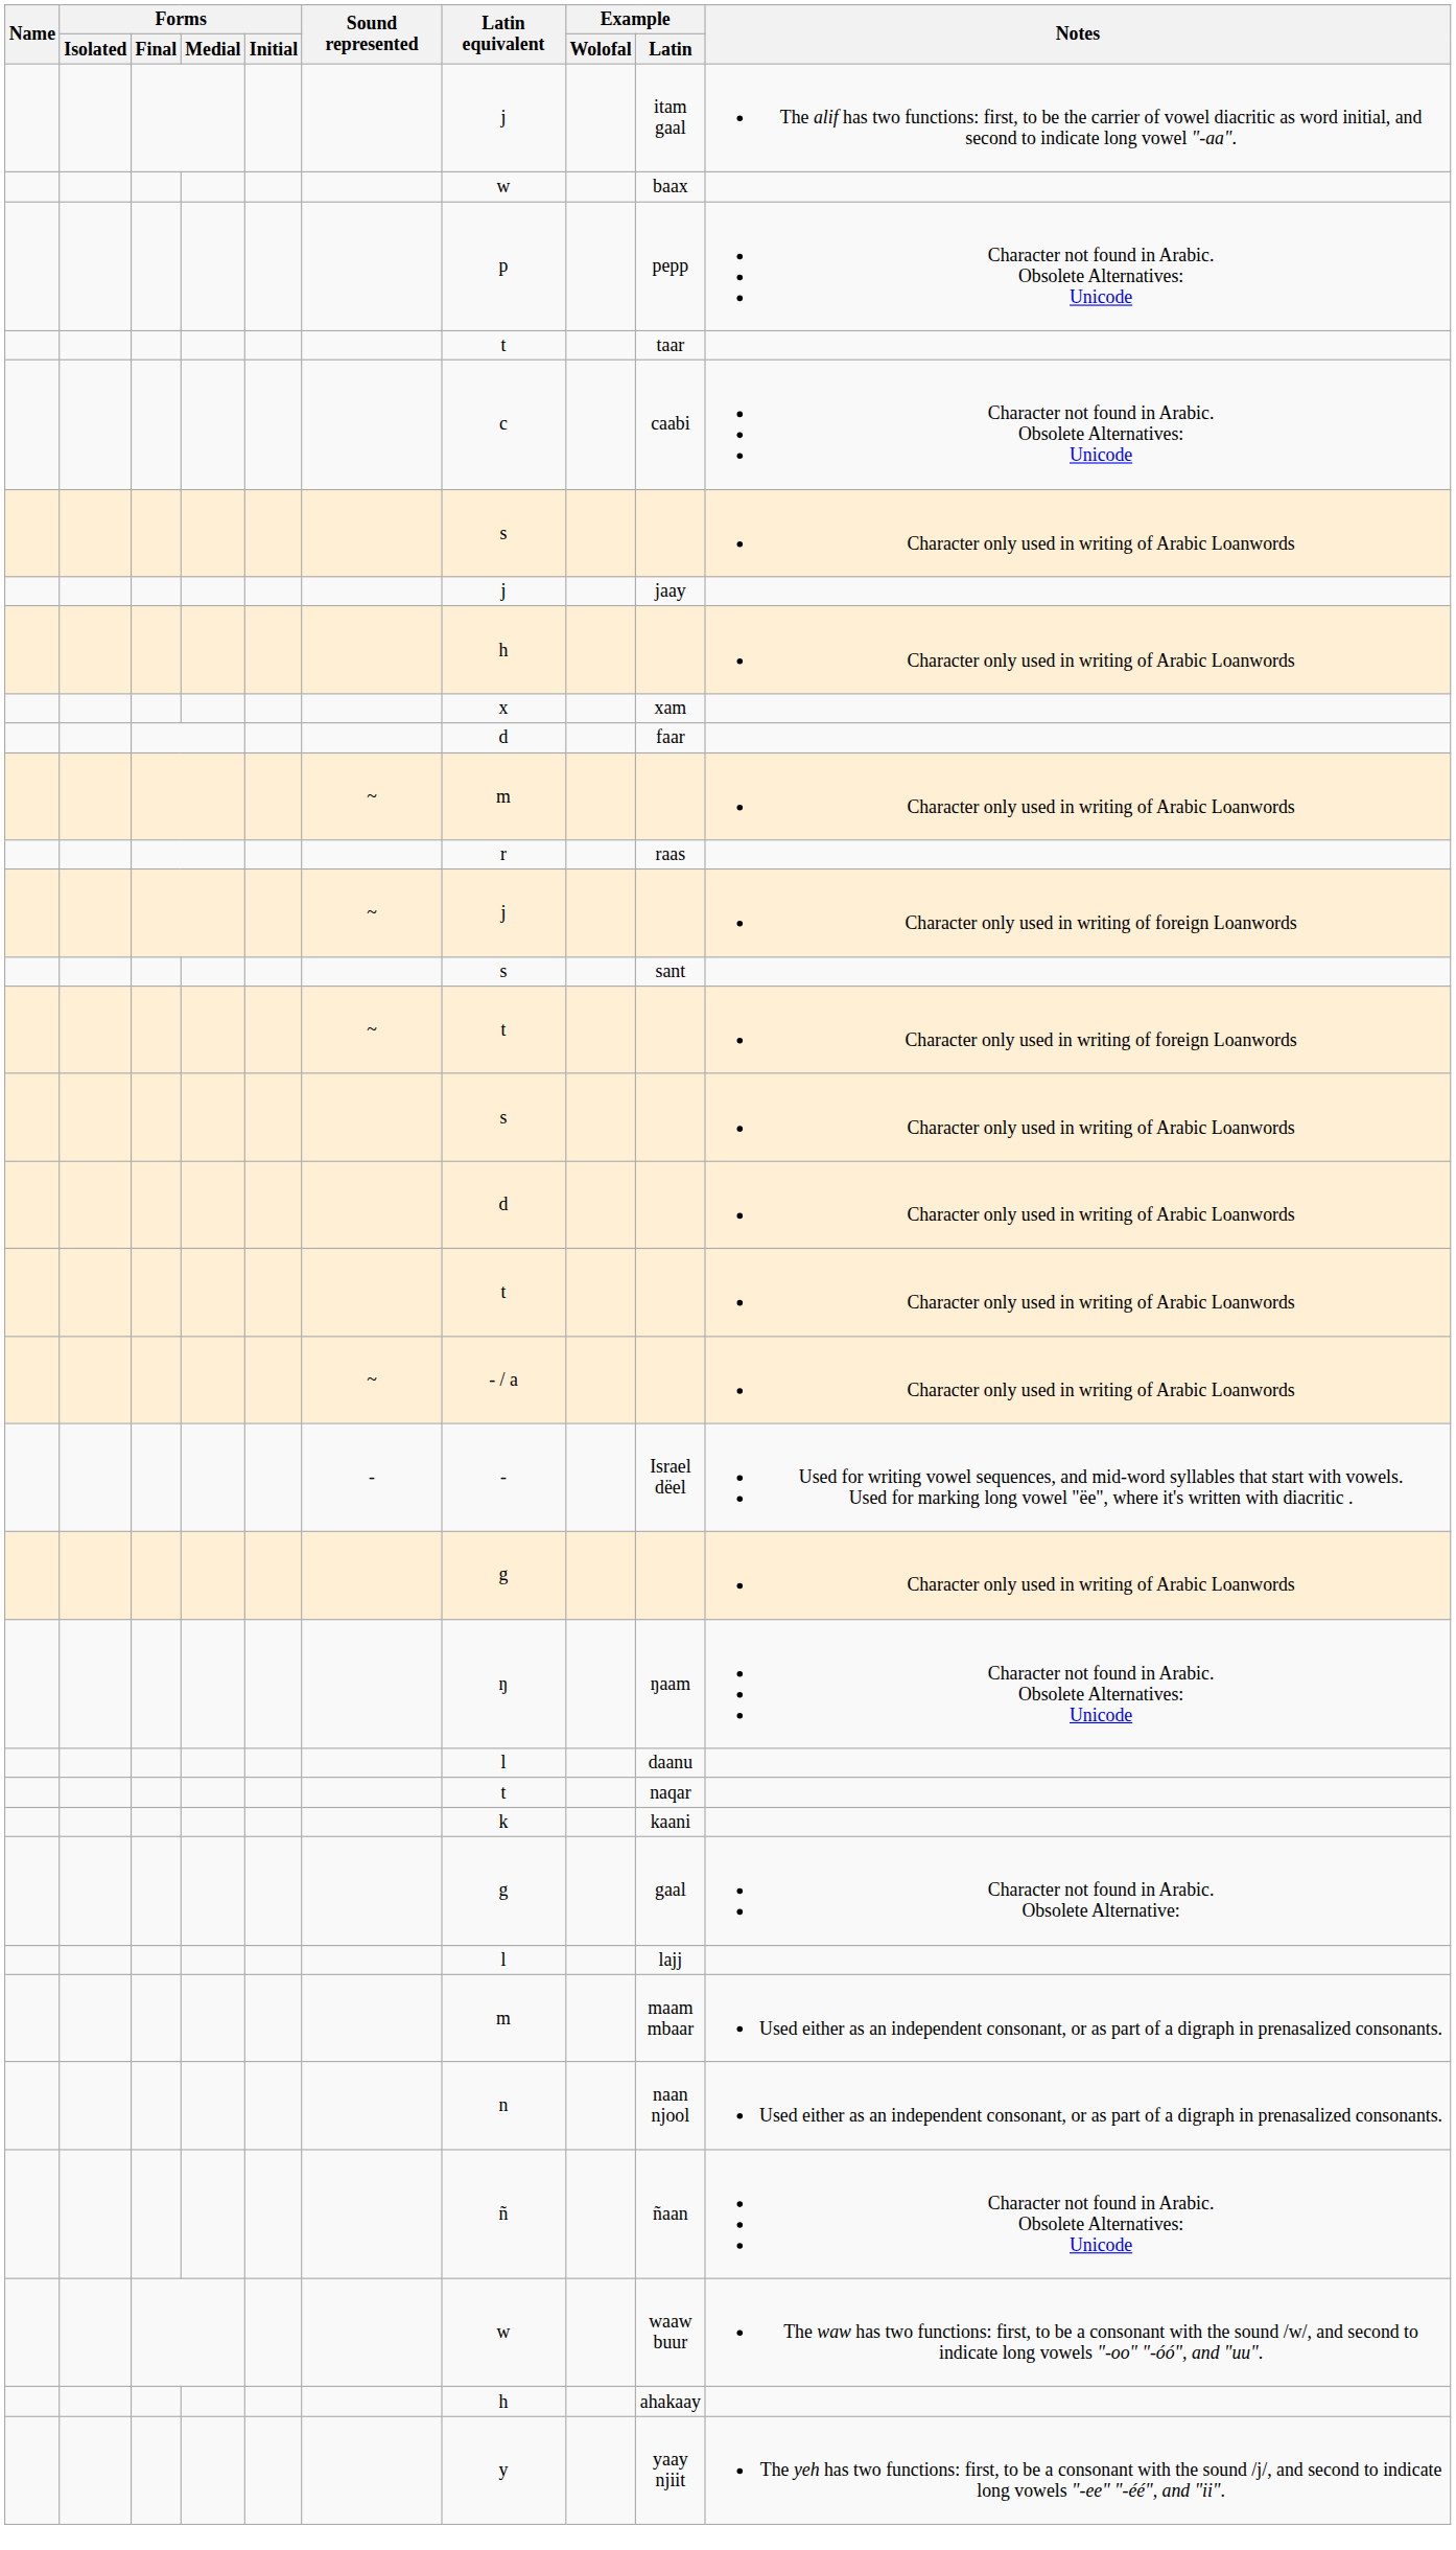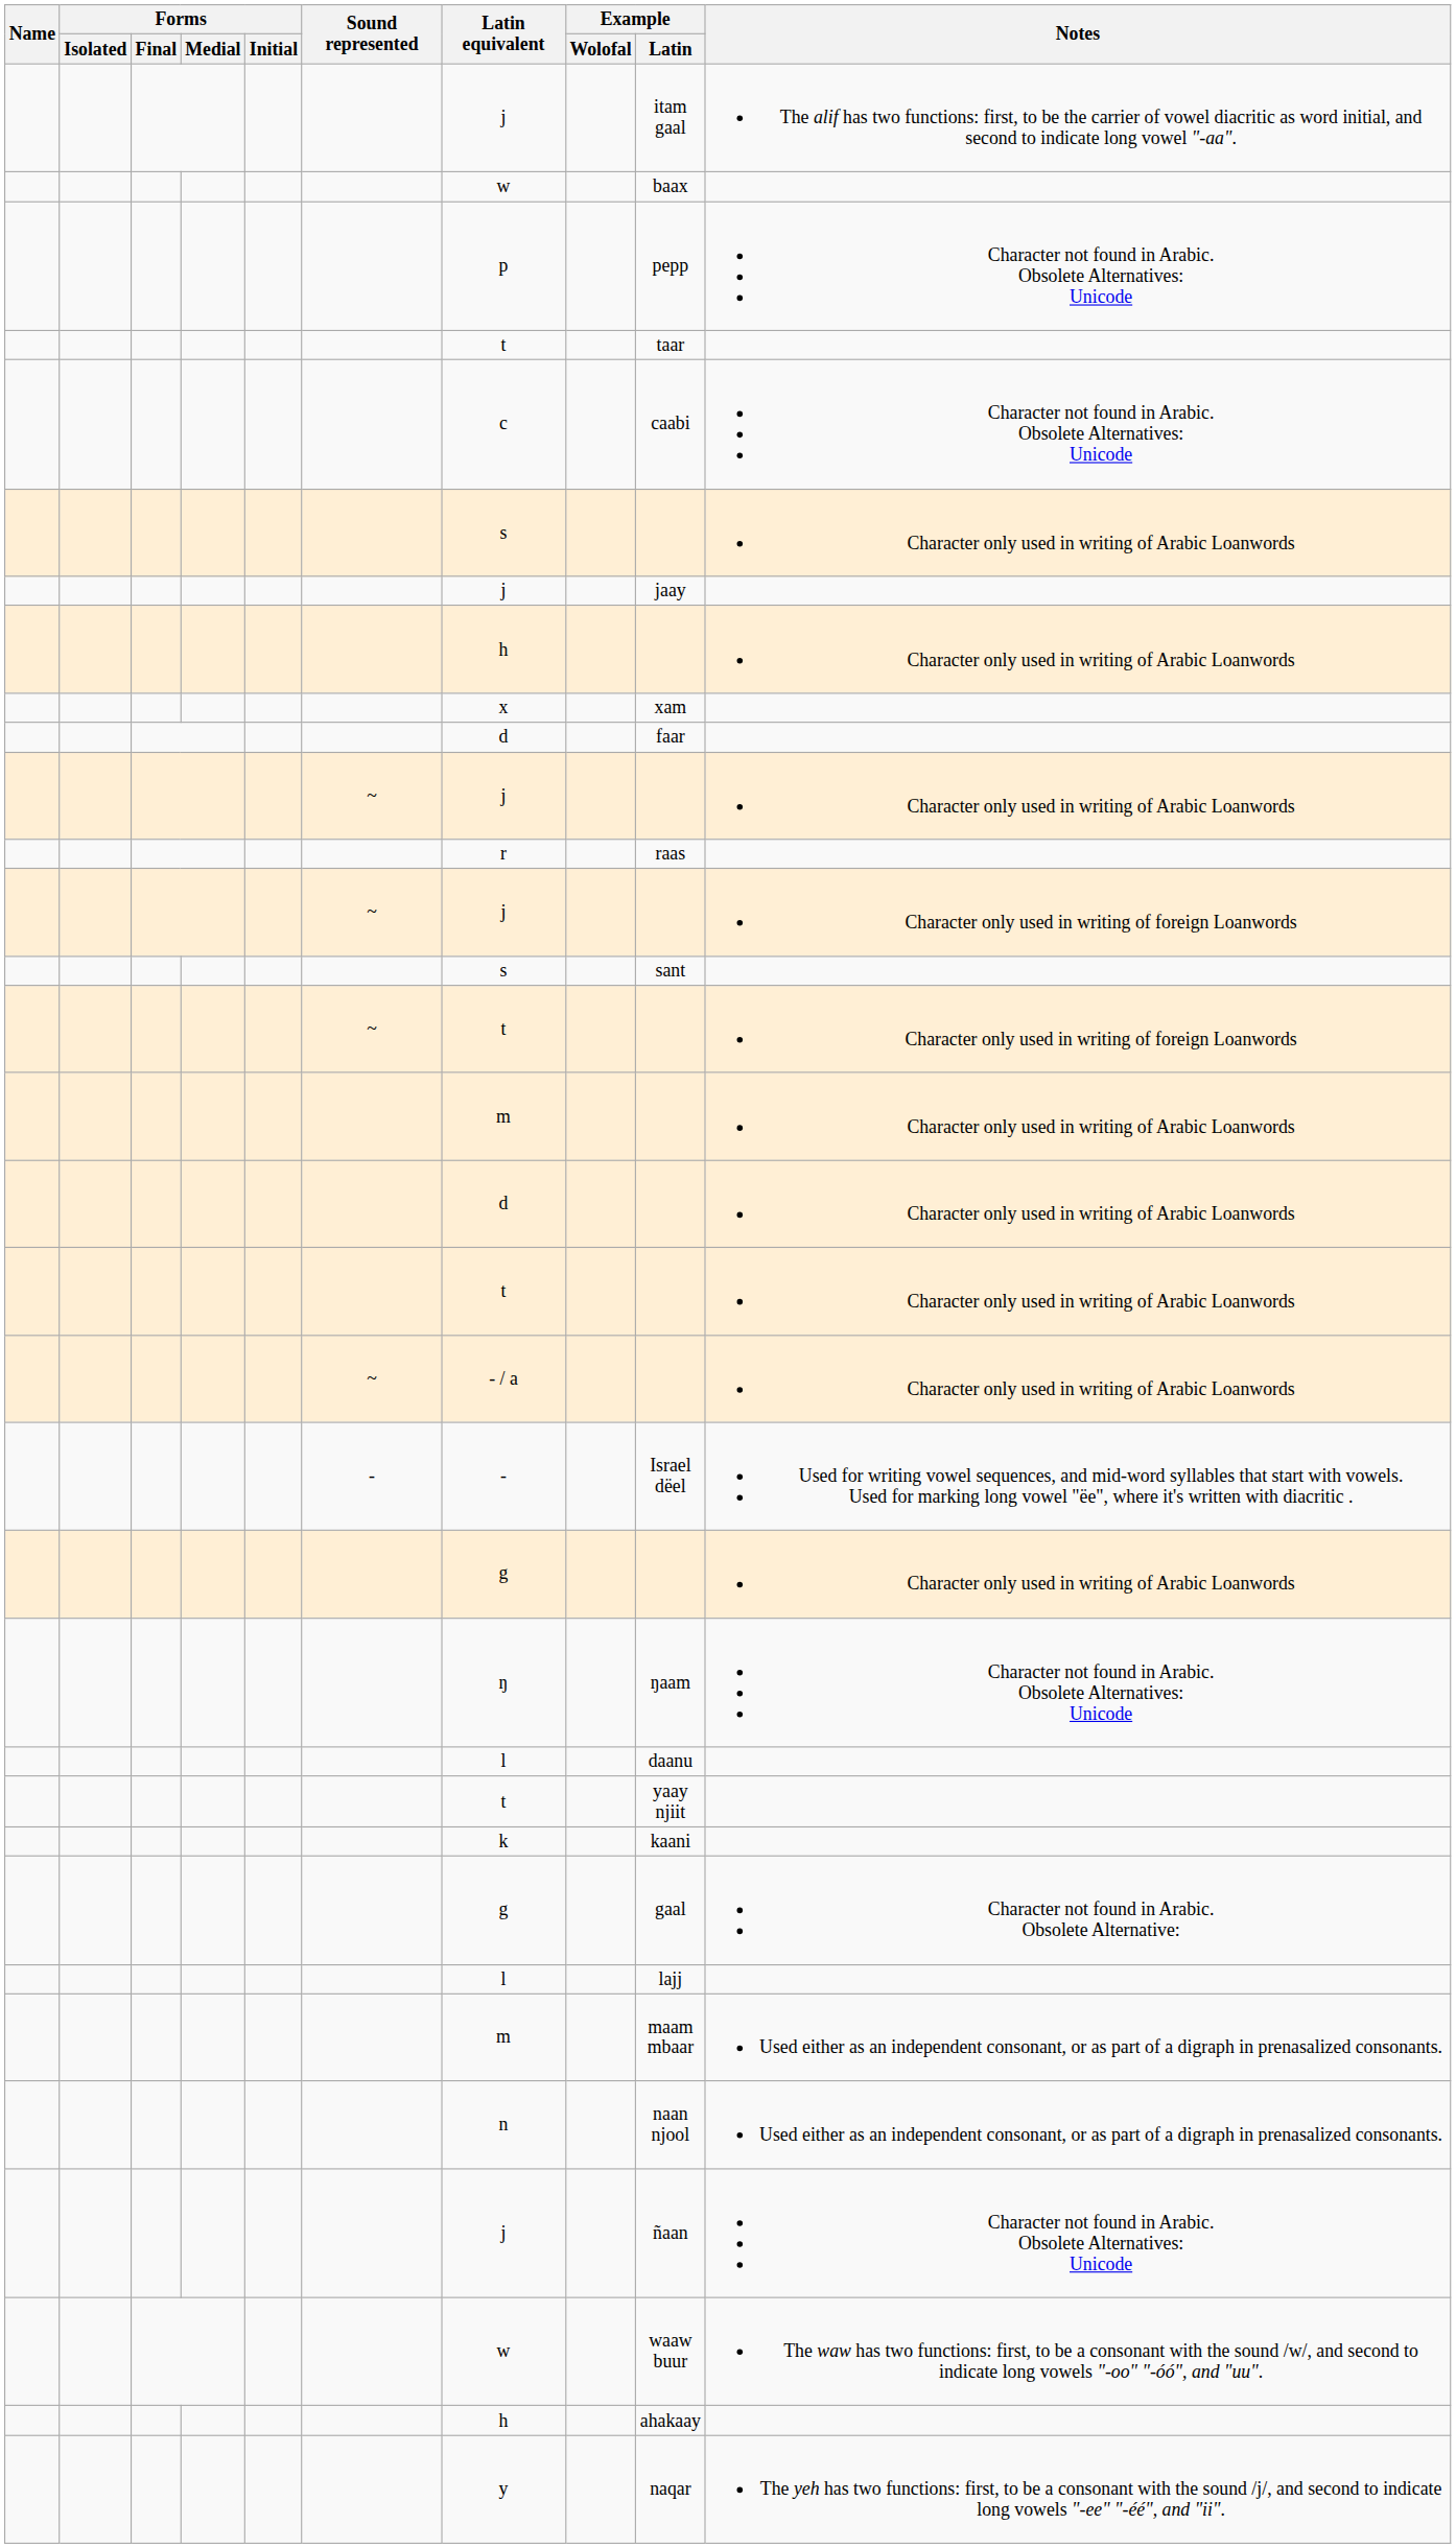 <table class="wikitable" style="text-align: center;">
 <tr>
 <th rowspan="2">Name</th>
 <th colspan="4">Forms</th>
 <th rowspan="2">Sound represented</th>
 <th rowspan="2">Latin equivalent</th>
 <th colspan="2">Example</th>
 <th rowspan="2">Notes</th>
 </tr>
 <tr>
 <th>Isolated</th>
 <th>Final</th>
 <th>Medial</th>
 <th>Initial</th>
 <th>Wolofal</th>
 <th>Latin</th>
 </tr>
 <tr>
 <td><br></td>
 <td><span></span></td>
 <td colspan=2><span></span></td>
 <td><span></span></td>
 <td></td>
 <td>j</td>
 <td><span></span><br><span></span></td>
 <td>itam<br>gaal</td>
 <td><br><ul><li>The <em>alif</em> has two functions: first, to be the carrier of vowel diacritic as word initial, and second to indicate long vowel <em>"-aa"</em>.</li></ul></td>
 </tr>
 <tr>
 <td><br></td>
 <td><span></span></td>
 <td><span></span></td>
 <td><span></span></td>
 <td><span></span></td>
 <td></td>
 <td>w</td>
 <td><span></span></td>
 <td>baax</td>
 <td></td>
 </tr>
 <tr>
 <td><br></td>
 <td><span></span></td>
 <td><span></span></td>
 <td><span></span></td>
 <td><span></span></td>
 <td></td>
 <td>p</td>
 <td><span></span></td>
 <td>pepp</td>
 <td><br><ul><li>Character not found in Arabic.</li><li>Obsolete Alternatives: <span></span></li><li><a href='#'>Unicode</a> </li></ul></td>
 </tr>
 <tr>
 <td><br></td>
 <td><span></span></td>
 <td><span></span></td>
 <td><span></span></td>
 <td><span></span></td>
 <td></td>
 <td>t</td>
 <td><span></span></td>
 <td>taar</td>
 <td></td>
 </tr>
 <tr>
 <td><br></td>
 <td><span></span></td>
 <td><span></span></td>
 <td><span></span></td>
 <td><span></span></td>
 <td></td>
 <td>c</td>
 <td><span></span></td>
 <td>caabi</td>
 <td><br><ul><li>Character not found in Arabic.</li><li>Obsolete Alternatives: <span></span></li><li><a href='#'>Unicode</a> </li></ul></td>
 </tr>
 <tr bgcolor="#FFEFD5">
 <td><br></td>
 <td><span></span></td>
 <td><span></span></td>
 <td><span></span></td>
 <td><span></span></td>
 <td></td>
 <td>s</td>
 <td></td>
 <td></td>
 <td><br><ul><li>Character only used in writing of Arabic Loanwords</li></ul></td>
 </tr>
 <tr>
 <td><br></td>
 <td><span></span></td>
 <td><span></span></td>
 <td><span></span></td>
 <td><span></span></td>
 <td></td>
 <td>j</td>
 <td><span></span></td>
 <td>jaay</td>
 <td></td>
 </tr>
 <tr bgcolor="#FFEFD5">
 <td><br></td>
 <td><span></span></td>
 <td><span></span></td>
 <td><span></span></td>
 <td><span></span></td>
 <td></td>
 <td>h</td>
 <td></td>
 <td></td>
 <td><br><ul><li>Character only used in writing of Arabic Loanwords</li></ul></td>
 </tr>
 <tr>
 <td><br></td>
 <td><span></span></td>
 <td><span></span></td>
 <td><span></span></td>
 <td><span></span></td>
 <td></td>
 <td>x</td>
 <td><span></span></td>
 <td>xam</td>
 <td></td>
 </tr>
 <tr>
 <td><br></td>
 <td><span></span></td>
 <td colspan=2><span></span></td>
 <td><span></span></td>
 <td></td>
 <td>d</td>
 <td><span></span></td>
 <td>faar</td>
 <td></td>
 </tr>
 <tr bgcolor="#FFEFD5">
 <td><br></td>
 <td><span></span></td>
 <td colspan=2><span></span></td>
 <td><span></span></td>
 <td>~</td>
-<td>m</td>
+<td>j</td>
 <td></td>
 <td></td>
 <td><br><ul><li>Character only used in writing of Arabic Loanwords</li></ul></td>
 </tr>
 <tr>
 <td><br></td>
 <td><span></span></td>
 <td colspan=2><span></span></td>
 <td><span></span></td>
 <td></td>
 <td>r</td>
 <td><span></span></td>
 <td>raas</td>
 <td></td>
 </tr>
 <tr bgcolor="#FFEFD5">
 <td><br></td>
 <td><span></span></td>
 <td colspan=2><span></span></td>
 <td><span></span></td>
 <td>~</td>
 <td>j</td>
 <td></td>
 <td></td>
 <td><br><ul><li>Character only used in writing of foreign Loanwords</li></ul></td>
 </tr>
 <tr>
 <td><br></td>
 <td><span></span></td>
 <td><span></span></td>
 <td><span></span></td>
 <td><span></span></td>
 <td></td>
 <td>s</td>
 <td><span></span></td>
 <td>sant</td>
 <td></td>
 </tr>
 <tr bgcolor="#FFEFD5">
 <td><br></td>
 <td><span></span></td>
 <td><span></span></td>
 <td><span></span></td>
 <td><span></span></td>
 <td>~</td>
 <td>t</td>
 <td></td>
 <td></td>
 <td><br><ul><li>Character only used in writing of foreign Loanwords</li></ul></td>
 </tr>
 <tr bgcolor="#FFEFD5">
 <td><br></td>
 <td><span></span></td>
 <td><span></span></td>
 <td><span></span></td>
 <td><span></span></td>
 <td></td>
-<td>s</td>
+<td>m</td>
 <td></td>
 <td></td>
 <td><br><ul><li>Character only used in writing of Arabic Loanwords</li></ul></td>
 </tr>
 <tr bgcolor="#FFEFD5">
 <td><br></td>
 <td><span></span></td>
 <td><span></span></td>
 <td><span></span></td>
 <td><span></span></td>
 <td></td>
 <td>d</td>
 <td></td>
 <td></td>
 <td><br><ul><li>Character only used in writing of Arabic Loanwords</li></ul></td>
 </tr>
 <tr bgcolor="#FFEFD5">
 <td><br></td>
 <td><span></span></td>
 <td><span></span></td>
 <td><span></span></td>
 <td><span></span></td>
 <td></td>
 <td>t</td>
 <td></td>
 <td></td>
 <td><br><ul><li>Character only used in writing of Arabic Loanwords</li></ul></td>
 </tr>
 <tr bgcolor="#FFEFD5">
 <td><br></td>
 <td><span></span></td>
 <td><span></span></td>
 <td><span></span></td>
 <td><span></span></td>
 <td>~</td>
 <td>- / a</td>
 <td></td>
 <td></td>
 <td><br><ul><li>Character only used in writing of Arabic Loanwords</li></ul></td>
 </tr>
 <tr>
 <td><br></td>
 <td><span></span></td>
 <td><span></span></td>
 <td><span></span></td>
 <td><span></span></td>
 <td>-</td>
 <td>-</td>
 <td><span></span><br><span></span></td>
 <td>Israel<br>dëel</td>
 <td>‌<br><ul><li>Used for writing vowel sequences, and mid-word syllables that start with vowels.</li><li>Used for marking long vowel "ëe", where it's written with diacritic <span></span>.</li></ul></td>
 </tr>
 <tr bgcolor="#FFEFD5">
 <td><br></td>
 <td><span></span></td>
 <td><span></span></td>
 <td><span></span></td>
 <td><span></span></td>
 <td></td>
 <td>g</td>
 <td></td>
 <td></td>
 <td><br><ul><li>Character only used in writing of Arabic Loanwords</li></ul></td>
 </tr>
 <tr>
 <td><br></td>
 <td><span></span></td>
 <td><span></span></td>
 <td><span></span></td>
 <td><span></span></td>
 <td></td>
 <td>ŋ</td>
 <td><span></span></td>
 <td>ŋaam</td>
 <td><br><ul><li>Character not found in Arabic.</li><li>Obsolete Alternatives: <span></span></li><li><a href='#'>Unicode</a> </li></ul></td>
 </tr>
 <tr>
 <td><br></td>
 <td><span></span></td>
 <td><span></span></td>
 <td><span></span></td>
 <td><span></span></td>
 <td></td>
 <td>l</td>
 <td><span></span></td>
 <td>daanu</td>
 <td></td>
 </tr>
 <tr>
 <td><br></td>
 <td><span></span></td>
 <td><span></span></td>
 <td><span></span></td>
 <td><span></span></td>
 <td></td>
 <td>t</td>
 <td><span></span></td>
-<td>naqar</td>
+<td>yaay<br>njiit</td>
 <td></td>
 </tr>
 <tr>
 <td><br></td>
 <td><span></span></td>
 <td><span></span></td>
 <td><span></span></td>
 <td><span></span></td>
 <td></td>
 <td>k</td>
 <td><span></span></td>
 <td>kaani</td>
 <td></td>
 </tr>
 <tr>
 <td><br></td>
 <td><span></span></td>
 <td><span></span></td>
 <td><span></span></td>
 <td><span></span></td>
 <td></td>
 <td>g</td>
 <td><span></span></td>
 <td>gaal</td>
 <td><br><ul><li>Character not found in Arabic.</li><li>Obsolete Alternative: <span></span></li></ul></td>
 </tr>
 <tr>
 <td><br></td>
 <td><span></span></td>
 <td><span></span></td>
 <td><span></span></td>
 <td><span></span></td>
 <td></td>
 <td>l</td>
 <td><span></span></td>
 <td>lajj</td>
 <td></td>
 </tr>
 <tr>
 <td><br></td>
 <td><span></span></td>
 <td><span></span></td>
 <td><span></span></td>
 <td><span></span></td>
 <td></td>
 <td>m</td>
 <td><span></span><br><span></span></td>
 <td>maam<br>mbaar</td>
 <td><br><ul><li>Used either as an independent consonant, or as part of a digraph in prenasalized consonants.</li></ul></td>
 </tr>
 <tr>
 <td><br></td>
 <td><span></span></td>
 <td><span></span></td>
 <td><span></span></td>
 <td><span></span></td>
 <td></td>
 <td>n</td>
 <td><span></span><br><span></span></td>
 <td>naan<br>njool</td>
 <td><br><ul><li>Used either as an independent consonant, or as part of a digraph in prenasalized consonants.</li></ul></td>
 </tr>
 <tr>
 <td><br></td>
 <td><span></span></td>
 <td><span></span></td>
 <td><span></span></td>
 <td><span></span></td>
 <td></td>
-<td>ñ</td>
+<td>j</td>
 <td><span></span></td>
 <td>ñaan</td>
 <td><br><ul><li>Character not found in Arabic.</li><li>Obsolete Alternatives: <span></span></li><li><a href='#'>Unicode</a> </li></ul></td>
 </tr>
 <tr>
 <td><br></td>
 <td><span></span></td>
 <td colspan=2><span></span></td>
 <td><span></span></td>
 <td></td>
 <td>w</td>
 <td><span></span><br><span></span></td>
 <td>waaw<br>buur</td>
 <td><br><ul><li>The <em>waw</em> has two functions: first, to be a consonant with the sound /w/, and second to indicate long vowels <em>"-oo" "-óó", and "uu"</em>.</li></ul></td>
 </tr>
 <tr>
 <td><br></td>
 <td><span></span></td>
 <td><span></span></td>
 <td><span></span></td>
 <td><span></span></td>
 <td></td>
 <td>h</td>
 <td><span></span></td>
 <td>ahakaay</td>
 <td></td>
 </tr>
 <tr>
 <td><br></td>
 <td><span></span></td>
 <td><span></span></td>
 <td><span></span></td>
 <td><span></span></td>
 <td></td>
 <td>y</td>
 <td><span></span><br><span></span></td>
-<td>yaay<br>njiit</td>
+<td>naqar</td>
 <td><br><ul><li>The <em>yeh</em> has two functions: first, to be a consonant with the sound /j/, and second to indicate long vowels <em>"-ee" "-éé", and "ii"</em>.</li></ul></td>
 </tr>
 </table>
